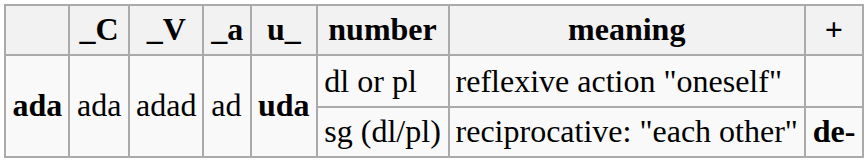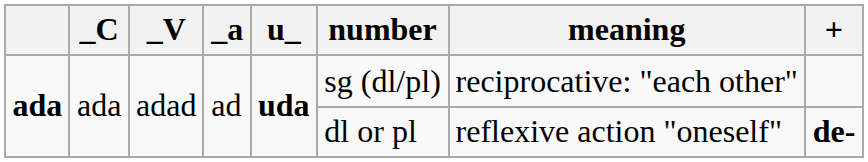 <table class="wikitable">
 <tr>
 <th></th>
 <th>_C</th>
 <th>_V</th>
 <th>_a</th>
 <th>u_</th>
 <th>number</th>
 <th>meaning</th>
 <th>+</th>
 </tr>
 <tr>
 <td rowspan="2"><strong>ada</strong></td>
 <td rowspan="2">ada</td>
 <td rowspan="2">adad</td>
 <td rowspan="2">ad</td>
 <td rowspan="2"><strong>uda</strong></td>
-<td>dl or pl</td>
-<td>reflexive action "oneself"</td>
+<td>sg (dl/pl)</td>
+<td>reciprocative: "each other"</td>
 <td></td>
 </tr>
 <tr>
-<td>sg (dl/pl)</td>
-<td>reciprocative: "each other"</td>
+<td>dl or pl</td>
+<td>reflexive action "oneself"</td>
 <td><strong>de-</strong></td>
 </tr>
 </table>
